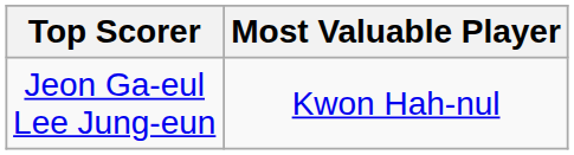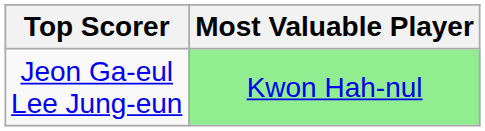 <table class="wikitable" style="margin: 0 auto;">
 <tr>
 <th>Top Scorer</th>
 <th>Most Valuable Player</th>
 </tr>
 <tr>
 <td align=center> <a href='#'>Jeon Ga-eul</a> <br>  <a href='#'>Lee Jung-eun</a></td>
-<td align=center> <a href='#'>Kwon Hah-nul</a></td>
+<td align=center style="background: lightgreen;"> <a href='#'>Kwon Hah-nul</a></td>
 </tr>
 </table>
